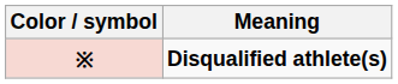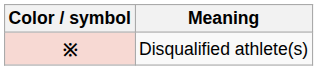 <table class="wikitable plainrowheaders">
 <tr>
 <th scope="col">Color / symbol</th>
 <th scope="col">Meaning</th>
 </tr>
 <tr>
 <th scope="row" style="background-color:#F7D9D3;">※</th>
-<td><strong>Disqualified athlete(s)</strong></td>
+<td>Disqualified athlete(s)</td>
 </tr>
 </table>
